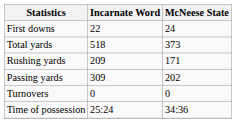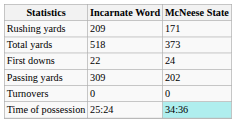 <table class="wikitable">
 <tr>
 <th>Statistics</th>
 <th>Incarnate Word</th>
 <th>McNeese State</th>
 </tr>
 <tr>
-<td>First downs</td>
-<td>22</td>
-<td>24</td>
+<td>Rushing yards</td>
+<td>209</td>
+<td>171</td>
 </tr>
 <tr>
 <td>Total yards</td>
 <td>518</td>
 <td>373</td>
 </tr>
 <tr>
-<td>Rushing yards</td>
-<td>209</td>
-<td>171</td>
+<td>First downs</td>
+<td>22</td>
+<td>24</td>
 </tr>
 <tr>
 <td>Passing yards</td>
 <td>309</td>
 <td>202</td>
 </tr>
 <tr>
 <td>Turnovers</td>
 <td>0</td>
 <td>0</td>
 </tr>
 <tr>
 <td>Time of possession</td>
 <td>25:24</td>
-<td>34:36</td>
+<td style="background: paleturquoise;">34:36</td>
 </tr>
 <tr>
 </tr>
 </table>
